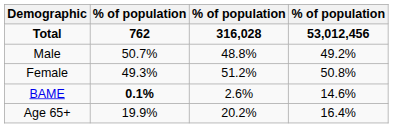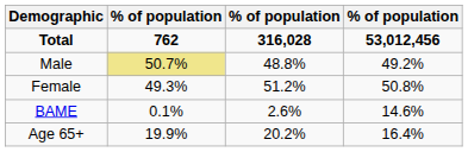 <table class="wikitable sortable" style="text-align: center">
 <tr>
 <th>Demographic</th>
 <th>% of population <br> </th>
 <th>% of population <br> </th>
 <th>% of population  <br> </th>
 </tr>
 <tr>
 <td><strong>Total</strong></td>
 <td><strong>762</strong></td>
 <td><strong>316,028</strong></td>
 <td><strong>53,012,456</strong></td>
 </tr>
 <tr>
 <td>Male</td>
-<td>50.7%</td>
+<td style="background: khaki;">50.7%</td>
 <td>48.8%</td>
 <td>49.2%</td>
 </tr>
 <tr>
 <td>Female</td>
 <td>49.3%</td>
 <td>51.2%</td>
 <td>50.8%</td>
 </tr>
 <tr>
 <td><a href='#'>BAME</a></td>
-<td><strong>0.1%</strong></td>
+<td>0.1%</td>
 <td>2.6%</td>
 <td>14.6%</td>
 </tr>
 <tr>
 <td>Age 65+</td>
 <td>19.9%</td>
 <td>20.2%</td>
 <td>16.4%</td>
 </tr>
 </table>
